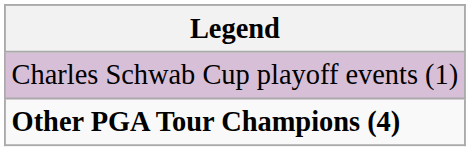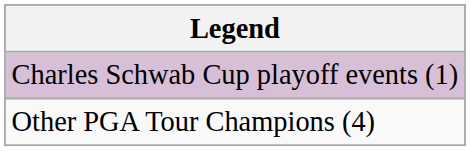 <table class="wikitable" style="font-size:95%;">
 <tr>
 <th>Legend</th>
 </tr>
 <tr style="background:thistle">
 <td>Charles Schwab Cup playoff events (1)</td>
 </tr>
 <tr>
-<td><strong>Other PGA Tour Champions (4)</strong></td>
+<td>Other PGA Tour Champions (4)</td>
 </tr>
 </table>
